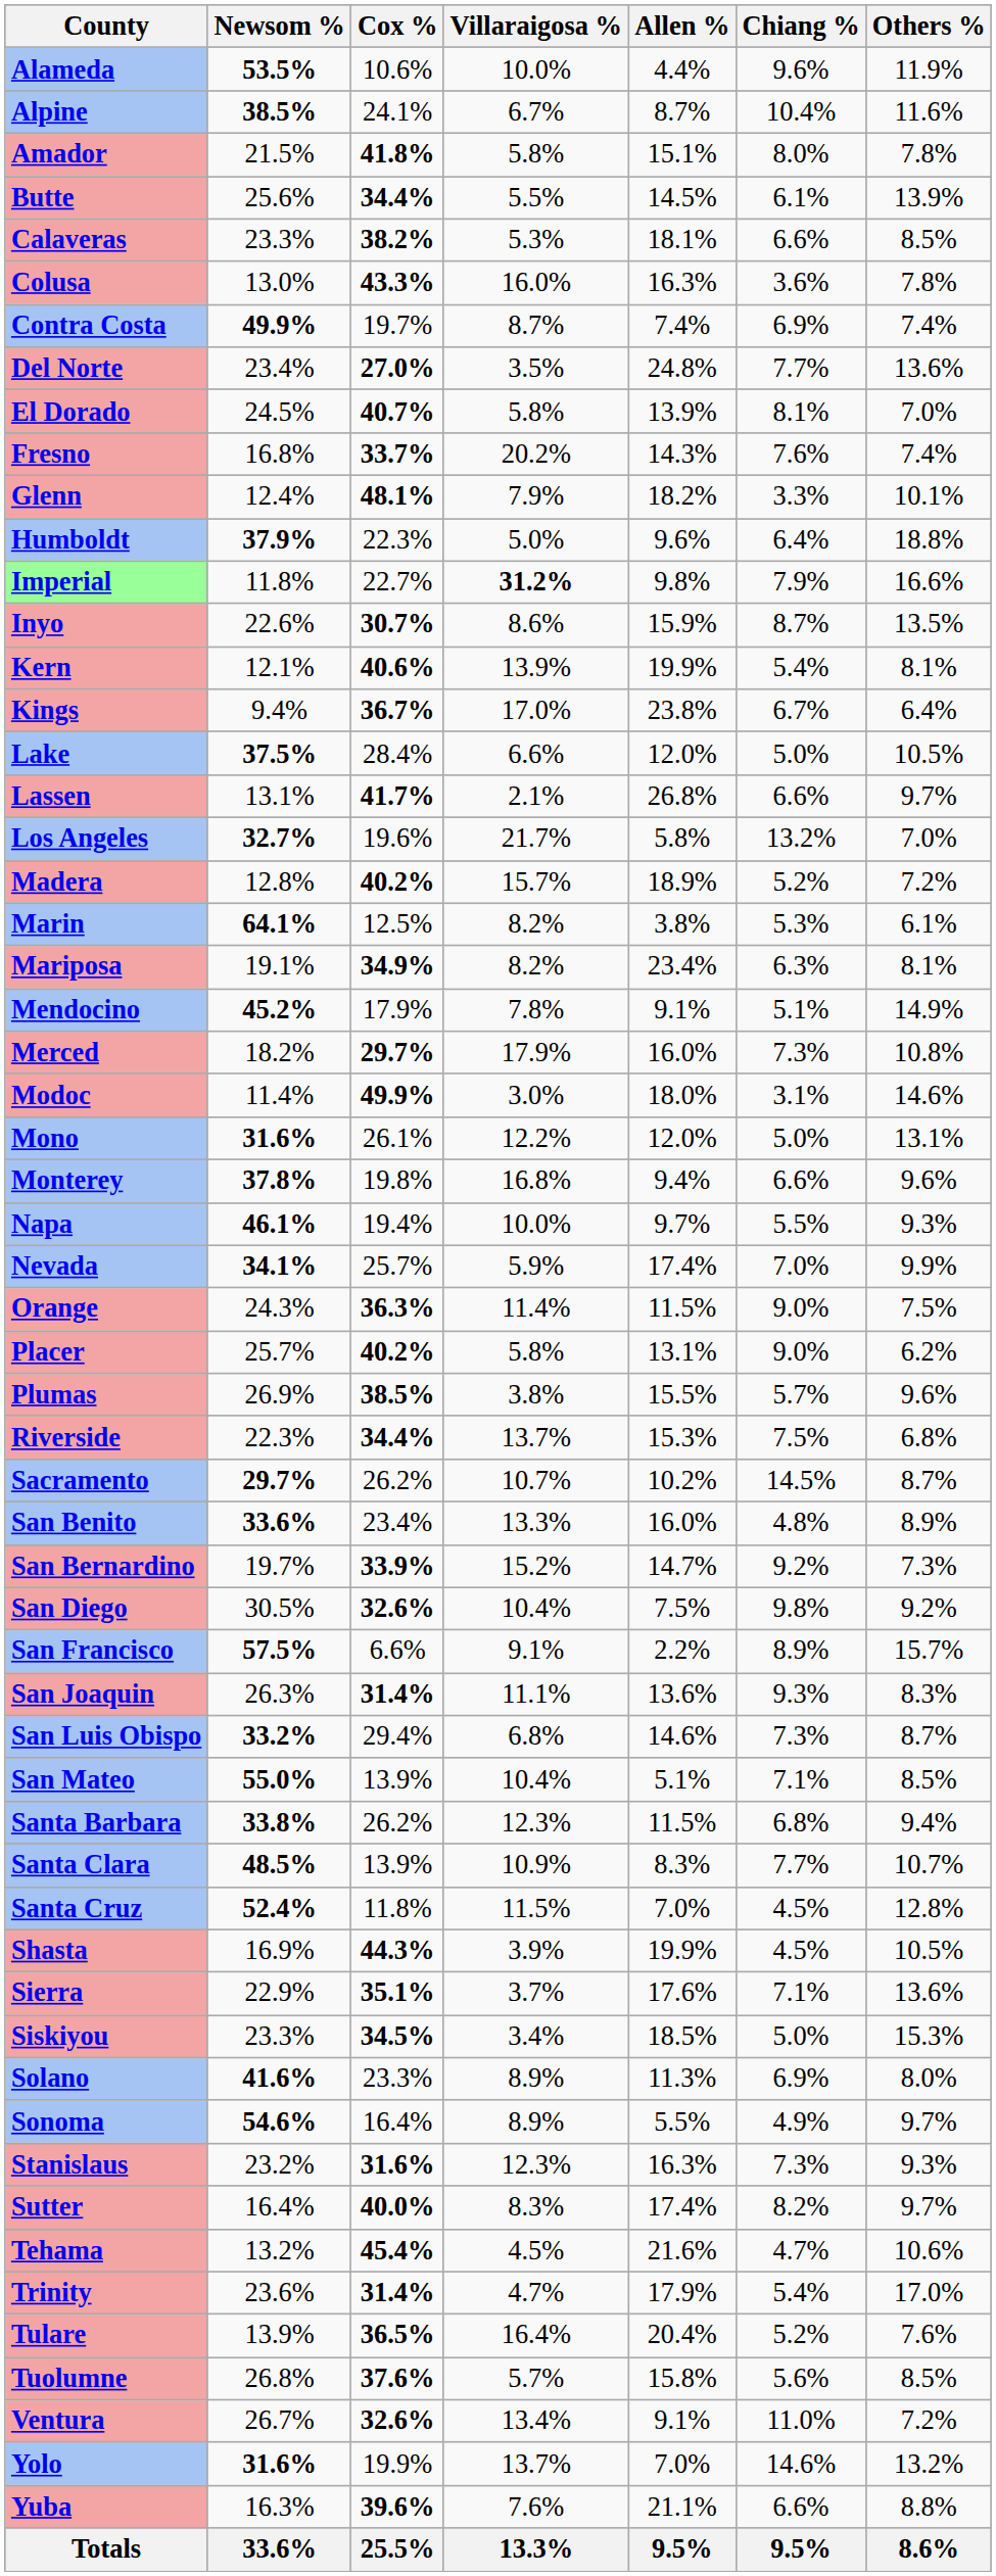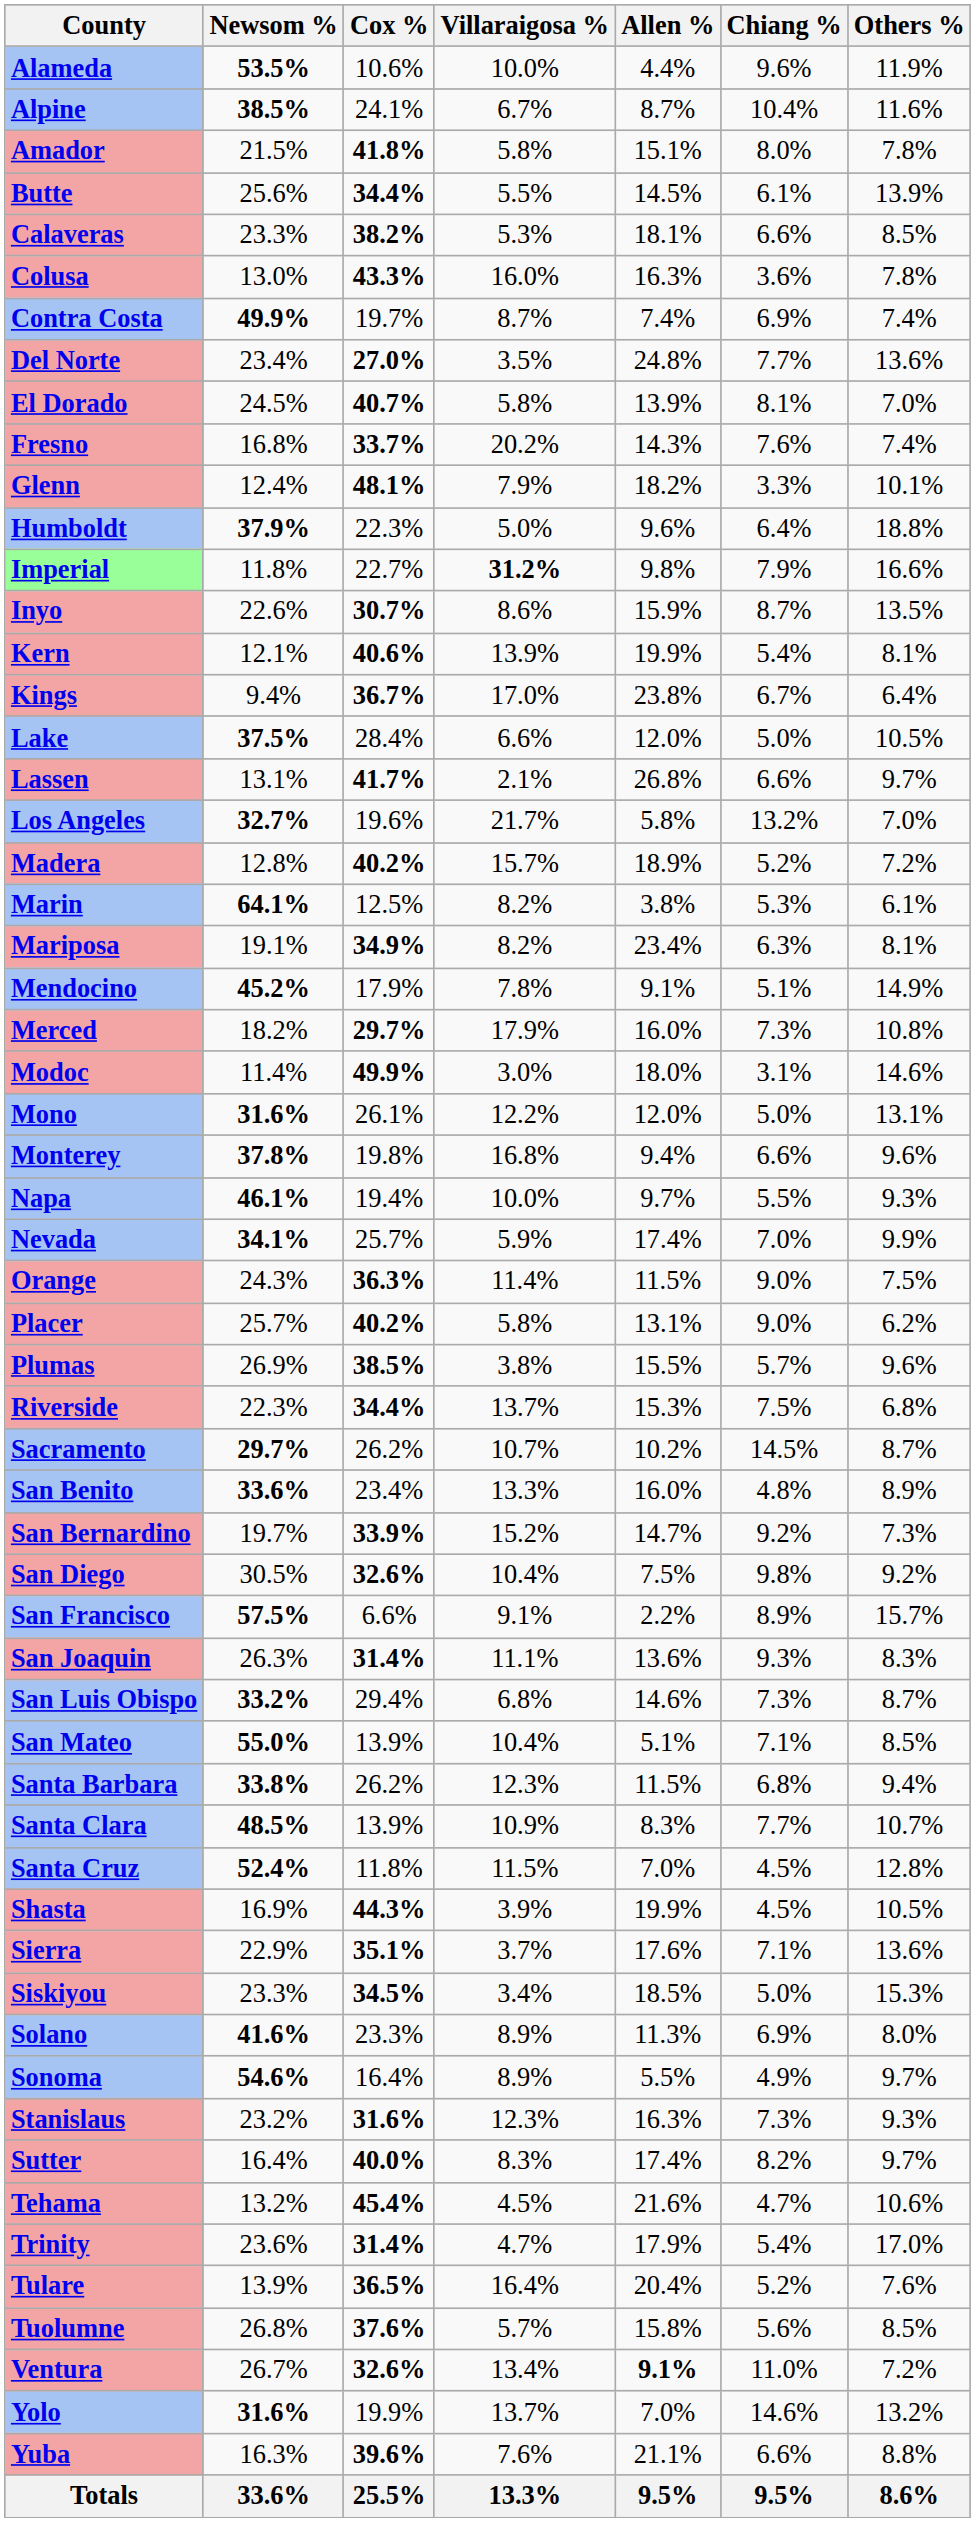 <table class="wikitable sortable">
 <tr>
 <th>County</th>
 <th>Newsom %</th>
 <th>Cox %</th>
 <th>Villaraigosa %</th>
 <th>Allen %</th>
 <th>Chiang %</th>
 <th>Others %</th>
 </tr>
 <tr>
 <td style="background:#a5c4f3;"><strong><a href='#'>Alameda</a></strong></td>
 <td align=center><strong>53.5%</strong></td>
 <td align=center>10.6%</td>
 <td align=center>10.0%</td>
 <td align=center>4.4%</td>
 <td align=center>9.6%</td>
 <td align=center>11.9%</td>
 </tr>
 <tr>
 <td style="background:#a5c4f3;"><strong><a href='#'>Alpine</a></strong></td>
 <td align=center><strong>38.5%</strong></td>
 <td align=center>24.1%</td>
 <td align=center>6.7%</td>
 <td align=center>8.7%</td>
 <td align=center>10.4%</td>
 <td align=center>11.6%</td>
 </tr>
 <tr>
 <td style="background:#f3a5a5;"><strong><a href='#'>Amador</a></strong></td>
 <td align=center>21.5%</td>
 <td align=center><strong>41.8%</strong></td>
 <td align=center>5.8%</td>
 <td align=center>15.1%</td>
 <td align=center>8.0%</td>
 <td align=center>7.8%</td>
 </tr>
 <tr>
 <td style="background:#f3a5a5;"><strong><a href='#'>Butte</a></strong></td>
 <td align=center>25.6%</td>
 <td align=center><strong>34.4%</strong></td>
 <td align=center>5.5%</td>
 <td align=center>14.5%</td>
 <td align=center>6.1%</td>
 <td align=center>13.9%</td>
 </tr>
 <tr>
 <td style="background:#f3a5a5;"><strong><a href='#'>Calaveras</a></strong></td>
 <td align=center>23.3%</td>
 <td align=center><strong>38.2%</strong></td>
 <td align=center>5.3%</td>
 <td align=center>18.1%</td>
 <td align=center>6.6%</td>
 <td align=center>8.5%</td>
 </tr>
 <tr>
 <td style="background:#f3a5a5;"><strong><a href='#'>Colusa</a></strong></td>
 <td align=center>13.0%</td>
 <td align=center><strong>43.3%</strong></td>
 <td align=center>16.0%</td>
 <td align=center>16.3%</td>
 <td align=center>3.6%</td>
 <td align=center>7.8%</td>
 </tr>
 <tr>
 <td style="background:#a5c4f3;"><strong><a href='#'>Contra Costa</a></strong></td>
 <td align=center><strong>49.9%</strong></td>
 <td align=center>19.7%</td>
 <td align=center>8.7%</td>
 <td align=center>7.4%</td>
 <td align=center>6.9%</td>
 <td align=center>7.4%</td>
 </tr>
 <tr>
 <td style="background:#f3a5a5;"><strong><a href='#'>Del Norte</a></strong></td>
 <td align=center>23.4%</td>
 <td align=center><strong>27.0%</strong></td>
 <td align=center>3.5%</td>
 <td align=center>24.8%</td>
 <td align=center>7.7%</td>
 <td align=center>13.6%</td>
 </tr>
 <tr>
 <td style="background:#f3a5a5;"><strong><a href='#'>El Dorado</a></strong></td>
 <td align=center>24.5%</td>
 <td align=center><strong>40.7%</strong></td>
 <td align=center>5.8%</td>
 <td align=center>13.9%</td>
 <td align=center>8.1%</td>
 <td align=center>7.0%</td>
 </tr>
 <tr>
 <td style="background:#f3a5a5;"><strong><a href='#'>Fresno</a></strong></td>
 <td align=center>16.8%</td>
 <td align=center><strong>33.7%</strong></td>
 <td align=center>20.2%</td>
 <td align=center>14.3%</td>
 <td align=center>7.6%</td>
 <td align=center>7.4%</td>
 </tr>
 <tr>
 <td style="background:#f3a5a5;"><strong><a href='#'>Glenn</a></strong></td>
 <td align=center>12.4%</td>
 <td align=center><strong>48.1%</strong></td>
 <td align=center>7.9%</td>
 <td align=center>18.2%</td>
 <td align=center>3.3%</td>
 <td align=center>10.1%</td>
 </tr>
 <tr>
 <td style="background:#a5c4f3;"><strong><a href='#'>Humboldt</a></strong></td>
 <td align=center><strong>37.9%</strong></td>
 <td align=center>22.3%</td>
 <td align=center>5.0%</td>
 <td align=center>9.6%</td>
 <td align=center>6.4%</td>
 <td align=center>18.8%</td>
 </tr>
 <tr>
 <td style="background:#9f9;"><strong><a href='#'>Imperial</a></strong></td>
 <td align=center>11.8%</td>
 <td align=center>22.7%</td>
 <td align=center><strong>31.2%</strong></td>
 <td align=center>9.8%</td>
 <td align=center>7.9%</td>
 <td align=center>16.6%</td>
 </tr>
 <tr>
 <td style="background:#f3a5a5;"><strong><a href='#'>Inyo</a></strong></td>
 <td align=center>22.6%</td>
 <td align=center><strong>30.7%</strong></td>
 <td align=center>8.6%</td>
 <td align=center>15.9%</td>
 <td align=center>8.7%</td>
 <td align=center>13.5%</td>
 </tr>
 <tr>
 <td style="background:#f3a5a5;"><strong><a href='#'>Kern</a></strong></td>
 <td align=center>12.1%</td>
 <td align=center><strong>40.6%</strong></td>
 <td align=center>13.9%</td>
 <td align=center>19.9%</td>
 <td align=center>5.4%</td>
 <td align=center>8.1%</td>
 </tr>
 <tr>
 <td style="background:#f3a5a5;"><strong><a href='#'>Kings</a></strong></td>
 <td align=center>9.4%</td>
 <td align=center><strong>36.7%</strong></td>
 <td align=center>17.0%</td>
 <td align=center>23.8%</td>
 <td align=center>6.7%</td>
 <td align=center>6.4%</td>
 </tr>
 <tr>
 <td style="background:#a5c4f3;"><strong><a href='#'>Lake</a></strong></td>
 <td align=center><strong>37.5%</strong></td>
 <td align=center>28.4%</td>
 <td align=center>6.6%</td>
 <td align=center>12.0%</td>
 <td align=center>5.0%</td>
 <td align=center>10.5%</td>
 </tr>
 <tr>
 <td style="background:#f3a5a5;"><strong><a href='#'>Lassen</a></strong></td>
 <td align=center>13.1%</td>
 <td align=center><strong>41.7%</strong></td>
 <td align=center>2.1%</td>
 <td align=center>26.8%</td>
 <td align=center>6.6%</td>
 <td align=center>9.7%</td>
 </tr>
 <tr>
 <td style="background:#a5c4f3;"><strong><a href='#'>Los Angeles</a></strong></td>
 <td align=center><strong>32.7%</strong></td>
 <td align=center>19.6%</td>
 <td align=center>21.7%</td>
 <td align=center>5.8%</td>
 <td align=center>13.2%</td>
 <td align=center>7.0%</td>
 </tr>
 <tr>
 <td style="background:#f3a5a5;"><strong><a href='#'>Madera</a></strong></td>
 <td align=center>12.8%</td>
 <td align=center><strong>40.2%</strong></td>
 <td align=center>15.7%</td>
 <td align=center>18.9%</td>
 <td align=center>5.2%</td>
 <td align=center>7.2%</td>
 </tr>
 <tr>
 <td style="background:#a5c4f3;"><strong><a href='#'>Marin</a></strong></td>
 <td align=center><strong>64.1%</strong></td>
 <td align=center>12.5%</td>
 <td align=center>8.2%</td>
 <td align=center>3.8%</td>
 <td align=center>5.3%</td>
 <td align=center>6.1%</td>
 </tr>
 <tr>
 <td style="background:#f3a5a5;"><strong><a href='#'>Mariposa</a></strong></td>
 <td align=center>19.1%</td>
 <td align=center><strong>34.9%</strong></td>
 <td align=center>8.2%</td>
 <td align=center>23.4%</td>
 <td align=center>6.3%</td>
 <td align=center>8.1%</td>
 </tr>
 <tr>
 <td style="background:#a5c4f3;"><strong><a href='#'>Mendocino</a></strong></td>
 <td align=center><strong>45.2%</strong></td>
 <td align=center>17.9%</td>
 <td align=center>7.8%</td>
 <td align=center>9.1%</td>
 <td align=center>5.1%</td>
 <td align=center>14.9%</td>
 </tr>
 <tr>
 <td style="background:#f3a5a5;"><strong><a href='#'>Merced</a></strong></td>
 <td align=center>18.2%</td>
 <td align=center><strong>29.7%</strong></td>
 <td align=center>17.9%</td>
 <td align=center>16.0%</td>
 <td align=center>7.3%</td>
 <td align=center>10.8%</td>
 </tr>
 <tr>
 <td style="background:#f3a5a5;"><strong><a href='#'>Modoc</a></strong></td>
 <td align=center>11.4%</td>
 <td align=center><strong>49.9%</strong></td>
 <td align=center>3.0%</td>
 <td align=center>18.0%</td>
 <td align=center>3.1%</td>
 <td align=center>14.6%</td>
 </tr>
 <tr>
 <td style="background:#a5c4f3;"><strong><a href='#'>Mono</a></strong></td>
 <td align=center><strong>31.6%</strong></td>
 <td align=center>26.1%</td>
 <td align=center>12.2%</td>
 <td align=center>12.0%</td>
 <td align=center>5.0%</td>
 <td align=center>13.1%</td>
 </tr>
 <tr>
 <td style="background:#a5c4f3;"><strong><a href='#'>Monterey</a></strong></td>
 <td align=center><strong>37.8%</strong></td>
 <td align=center>19.8%</td>
 <td align=center>16.8%</td>
 <td align=center>9.4%</td>
 <td align=center>6.6%</td>
 <td align=center>9.6%</td>
 </tr>
 <tr>
 <td style="background:#a5c4f3;"><strong><a href='#'>Napa</a></strong></td>
 <td align=center><strong>46.1%</strong></td>
 <td align=center>19.4%</td>
 <td align=center>10.0%</td>
 <td align=center>9.7%</td>
 <td align=center>5.5%</td>
 <td align=center>9.3%</td>
 </tr>
 <tr>
 <td style="background:#a5c4f3;"><strong><a href='#'>Nevada</a></strong></td>
 <td align=center><strong>34.1%</strong></td>
 <td align=center>25.7%</td>
 <td align=center>5.9%</td>
 <td align=center>17.4%</td>
 <td align=center>7.0%</td>
 <td align=center>9.9%</td>
 </tr>
 <tr>
 <td style="background:#f3a5a5;"><strong><a href='#'>Orange</a></strong></td>
 <td align=center>24.3%</td>
 <td align=center><strong>36.3%</strong></td>
 <td align=center>11.4%</td>
 <td align=center>11.5%</td>
 <td align=center>9.0%</td>
 <td align=center>7.5%</td>
 </tr>
 <tr>
 <td style="background:#f3a5a5;"><strong><a href='#'>Placer</a></strong></td>
 <td align=center>25.7%</td>
 <td align=center><strong>40.2%</strong></td>
 <td align=center>5.8%</td>
 <td align=center>13.1%</td>
 <td align=center>9.0%</td>
 <td align=center>6.2%</td>
 </tr>
 <tr>
 <td style="background:#f3a5a5;"><strong><a href='#'>Plumas</a></strong></td>
 <td align=center>26.9%</td>
 <td align=center><strong>38.5%</strong></td>
 <td align=center>3.8%</td>
 <td align=center>15.5%</td>
 <td align=center>5.7%</td>
 <td align=center>9.6%</td>
 </tr>
 <tr>
 <td style="background:#f3a5a5;"><strong><a href='#'>Riverside</a></strong></td>
 <td align=center>22.3%</td>
 <td align=center><strong>34.4%</strong></td>
 <td align=center>13.7%</td>
 <td align=center>15.3%</td>
 <td align=center>7.5%</td>
 <td align=center>6.8%</td>
 </tr>
 <tr>
 <td style="background:#a5c4f3;"><strong><a href='#'>Sacramento</a></strong></td>
 <td align=center><strong>29.7%</strong></td>
 <td align=center>26.2%</td>
 <td align=center>10.7%</td>
 <td align=center>10.2%</td>
 <td align=center>14.5%</td>
 <td align=center>8.7%</td>
 </tr>
 <tr>
 <td style="background:#a5c4f3;"><strong><a href='#'>San Benito</a></strong></td>
 <td align=center><strong>33.6%</strong></td>
 <td align=center>23.4%</td>
 <td align=center>13.3%</td>
 <td align=center>16.0%</td>
 <td align=center>4.8%</td>
 <td align=center>8.9%</td>
 </tr>
 <tr>
 <td style="background:#f3a5a5;"><strong><a href='#'>San Bernardino</a></strong></td>
 <td align=center>19.7%</td>
 <td align=center><strong>33.9%</strong></td>
 <td align=center>15.2%</td>
 <td align=center>14.7%</td>
 <td align=center>9.2%</td>
 <td align=center>7.3%</td>
 </tr>
 <tr>
 <td style="background:#f3a5a5;"><strong><a href='#'>San Diego</a></strong></td>
 <td align=center>30.5%</td>
 <td align=center><strong>32.6%</strong></td>
 <td align=center>10.4%</td>
 <td align=center>7.5%</td>
 <td align=center>9.8%</td>
 <td align=center>9.2%</td>
 </tr>
 <tr>
 <td style="background:#a5c4f3;"><strong><a href='#'>San Francisco</a></strong></td>
 <td align=center><strong>57.5%</strong></td>
 <td align=center>6.6%</td>
 <td align=center>9.1%</td>
 <td align=center>2.2%</td>
 <td align=center>8.9%</td>
 <td align=center>15.7%</td>
 </tr>
 <tr>
 <td style="background:#f3a5a5;"><strong><a href='#'>San Joaquin</a></strong></td>
 <td align=center>26.3%</td>
 <td align=center><strong>31.4%</strong></td>
 <td align=center>11.1%</td>
 <td align=center>13.6%</td>
 <td align=center>9.3%</td>
 <td align=center>8.3%</td>
 </tr>
 <tr>
 <td style="background:#a5c4f3;"><strong><a href='#'>San Luis Obispo</a></strong></td>
 <td align=center><strong>33.2%</strong></td>
 <td align=center>29.4%</td>
 <td align=center>6.8%</td>
 <td align=center>14.6%</td>
 <td align=center>7.3%</td>
 <td align=center>8.7%</td>
 </tr>
 <tr>
 <td style="background:#a5c4f3;"><strong><a href='#'>San Mateo</a></strong></td>
 <td align=center><strong>55.0%</strong></td>
 <td align=center>13.9%</td>
 <td align=center>10.4%</td>
 <td align=center>5.1%</td>
 <td align=center>7.1%</td>
 <td align=center>8.5%</td>
 </tr>
 <tr>
 <td style="background:#a5c4f3;"><strong><a href='#'>Santa Barbara</a></strong></td>
 <td align=center><strong>33.8%</strong></td>
 <td align=center>26.2%</td>
 <td align=center>12.3%</td>
 <td align=center>11.5%</td>
 <td align=center>6.8%</td>
 <td align=center>9.4%</td>
 </tr>
 <tr>
 <td style="background:#a5c4f3;"><strong><a href='#'>Santa Clara</a></strong></td>
 <td align=center><strong>48.5%</strong></td>
 <td align=center>13.9%</td>
 <td align=center>10.9%</td>
 <td align=center>8.3%</td>
 <td align=center>7.7%</td>
 <td align=center>10.7%</td>
 </tr>
 <tr>
 <td style="background:#a5c4f3;"><strong><a href='#'>Santa Cruz</a></strong></td>
 <td align=center><strong>52.4%</strong></td>
 <td align=center>11.8%</td>
 <td align=center>11.5%</td>
 <td align=center>7.0%</td>
 <td align=center>4.5%</td>
 <td align=center>12.8%</td>
 </tr>
 <tr>
 <td style="background:#f3a5a5;"><strong><a href='#'>Shasta</a></strong></td>
 <td align=center>16.9%</td>
 <td align=center><strong>44.3%</strong></td>
 <td align=center>3.9%</td>
 <td align=center>19.9%</td>
 <td align=center>4.5%</td>
 <td align=center>10.5%</td>
 </tr>
 <tr>
 <td style="background:#f3a5a5;"><strong><a href='#'>Sierra</a></strong></td>
 <td align=center>22.9%</td>
 <td align=center><strong>35.1%</strong></td>
 <td align=center>3.7%</td>
 <td align=center>17.6%</td>
 <td align=center>7.1%</td>
 <td align=center>13.6%</td>
 </tr>
 <tr>
 <td style="background:#f3a5a5;"><strong><a href='#'>Siskiyou</a></strong></td>
 <td align=center>23.3%</td>
 <td align=center><strong>34.5%</strong></td>
 <td align=center>3.4%</td>
 <td align=center>18.5%</td>
 <td align=center>5.0%</td>
 <td align=center>15.3%</td>
 </tr>
 <tr>
 <td style="background:#a5c4f3;"><strong><a href='#'>Solano</a></strong></td>
 <td align=center><strong>41.6%</strong></td>
 <td align=center>23.3%</td>
 <td align=center>8.9%</td>
 <td align=center>11.3%</td>
 <td align=center>6.9%</td>
 <td align=center>8.0%</td>
 </tr>
 <tr>
 <td style="background:#a5c4f3;"><strong><a href='#'>Sonoma</a></strong></td>
 <td align=center><strong>54.6%</strong></td>
 <td align=center>16.4%</td>
 <td align=center>8.9%</td>
 <td align=center>5.5%</td>
 <td align=center>4.9%</td>
 <td align=center>9.7%</td>
 </tr>
 <tr>
 <td style="background:#f3a5a5;"><strong><a href='#'>Stanislaus</a></strong></td>
 <td align=center>23.2%</td>
 <td align=center><strong>31.6%</strong></td>
 <td align=center>12.3%</td>
 <td align=center>16.3%</td>
 <td align=center>7.3%</td>
 <td align=center>9.3%</td>
 </tr>
 <tr>
 <td style="background:#f3a5a5;"><strong><a href='#'>Sutter</a></strong></td>
 <td align=center>16.4%</td>
 <td align=center><strong>40.0%</strong></td>
 <td align=center>8.3%</td>
 <td align=center>17.4%</td>
 <td align=center>8.2%</td>
 <td align=center>9.7%</td>
 </tr>
 <tr>
 <td style="background:#f3a5a5;"><strong><a href='#'>Tehama</a></strong></td>
 <td align=center>13.2%</td>
 <td align=center><strong>45.4%</strong></td>
 <td align=center>4.5%</td>
 <td align=center>21.6%</td>
 <td align=center>4.7%</td>
 <td align=center>10.6%</td>
 </tr>
 <tr>
 <td style="background:#f3a5a5;"><strong><a href='#'>Trinity</a></strong></td>
 <td align=center>23.6%</td>
 <td align=center><strong>31.4%</strong></td>
 <td align=center>4.7%</td>
 <td align=center>17.9%</td>
 <td align=center>5.4%</td>
 <td align=center>17.0%</td>
 </tr>
 <tr>
 <td style="background:#f3a5a5;"><strong><a href='#'>Tulare</a></strong></td>
 <td align=center>13.9%</td>
 <td align=center><strong>36.5%</strong></td>
 <td align=center>16.4%</td>
 <td align=center>20.4%</td>
 <td align=center>5.2%</td>
 <td align=center>7.6%</td>
 </tr>
 <tr>
 <td style="background:#f3a5a5;"><strong><a href='#'>Tuolumne</a></strong></td>
 <td align=center>26.8%</td>
 <td align=center><strong>37.6%</strong></td>
 <td align=center>5.7%</td>
 <td align=center>15.8%</td>
 <td align=center>5.6%</td>
 <td align=center>8.5%</td>
 </tr>
 <tr>
 <td style="background:#f3a5a5;"><strong><a href='#'>Ventura</a></strong></td>
 <td align=center>26.7%</td>
 <td align=center><strong>32.6%</strong></td>
 <td align=center>13.4%</td>
-<td align=center>9.1%</td>
+<td align=center><strong>9.1%</strong></td>
 <td align=center>11.0%</td>
 <td align=center>7.2%</td>
 </tr>
 <tr>
 <td style="background:#a5c4f3;"><strong><a href='#'>Yolo</a></strong></td>
 <td align=center><strong>31.6%</strong></td>
 <td align=center>19.9%</td>
 <td align=center>13.7%</td>
 <td align=center>7.0%</td>
 <td align=center>14.6%</td>
 <td align=center>13.2%</td>
 </tr>
 <tr>
 <td style="background:#f3a5a5;"><strong><a href='#'>Yuba</a></strong></td>
 <td align=center>16.3%</td>
 <td align=center><strong>39.6%</strong></td>
 <td align=center>7.6%</td>
 <td align=center>21.1%</td>
 <td align=center>6.6%</td>
 <td align=center>8.8%</td>
 </tr>
 <tr>
 <th>Totals</th>
 <th>33.6%</th>
 <th>25.5%</th>
 <th>13.3%</th>
 <th>9.5%</th>
 <th>9.5%</th>
 <th>8.6%</th>
 </tr>
 </table>
